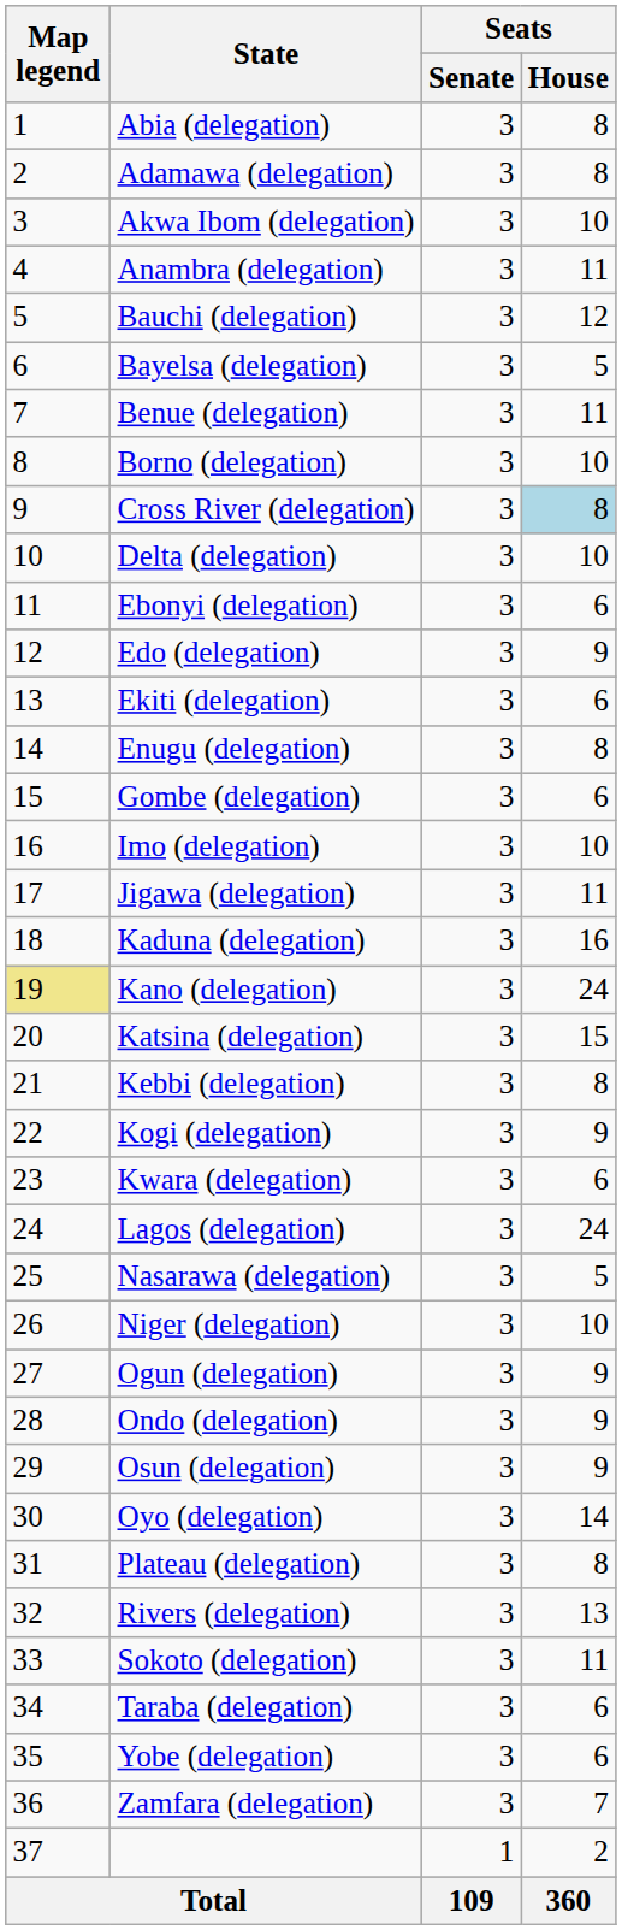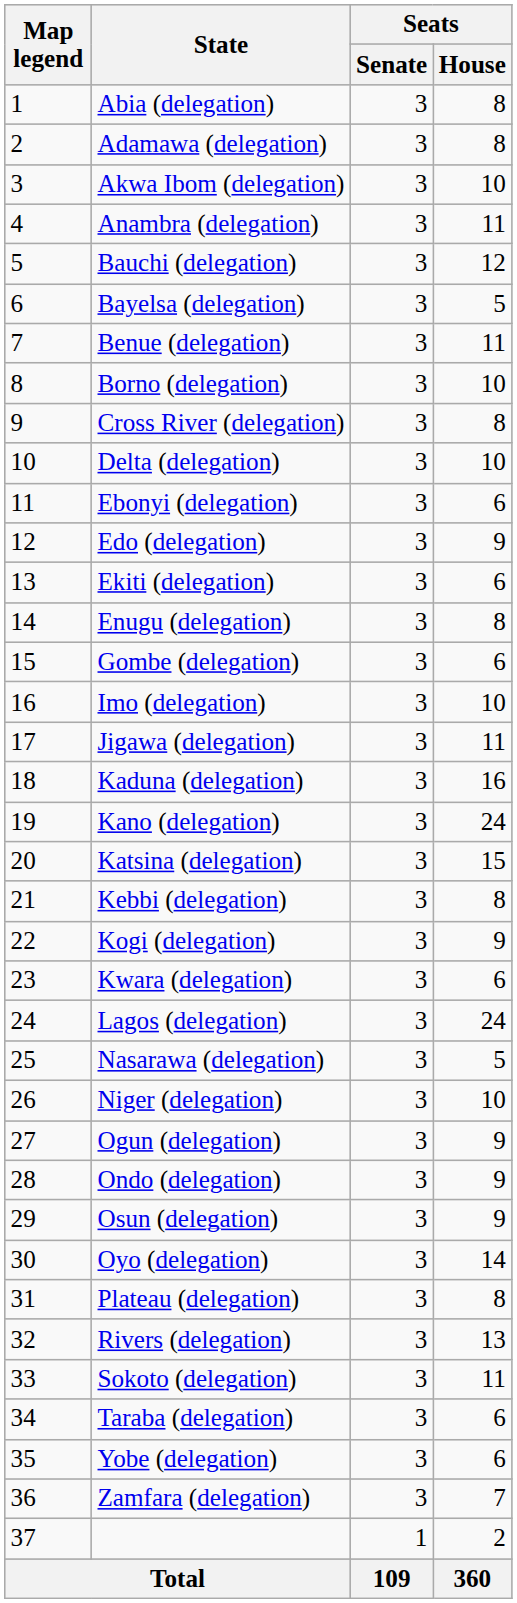 <table class="wikitable sortable">
 <tr>
 <th rowspan=2 style="max-width:3em;">Map legend</th>
 <th rowspan=2>State</th>
 <th colspan=2>Seats</th>
 </tr>
 <tr>
 <th style="max-width:6em;">Senate</th>
 <th style="max-width:6em;">House</th>
 </tr>
 <tr>
 <td>1</td>
 <td><a href='#'>Abia</a> (<a href='#'>delegation</a>)</td>
 <td style="text-align:right;">3</td>
 <td style="text-align:right;">8</td>
 </tr>
 <tr>
 <td>2</td>
 <td><a href='#'>Adamawa</a> (<a href='#'>delegation</a>)</td>
 <td style="text-align:right;">3</td>
 <td style="text-align:right;">8</td>
 </tr>
 <tr>
 <td>3</td>
 <td><a href='#'>Akwa Ibom</a> (<a href='#'>delegation</a>)</td>
 <td style="text-align:right;">3</td>
 <td style="text-align:right;">10</td>
 </tr>
 <tr>
 <td>4</td>
 <td><a href='#'>Anambra</a> (<a href='#'>delegation</a>)</td>
 <td style="text-align:right;">3</td>
 <td style="text-align:right;">11</td>
 </tr>
 <tr>
 <td>5</td>
 <td><a href='#'>Bauchi</a> (<a href='#'>delegation</a>)</td>
 <td style="text-align:right;">3</td>
 <td style="text-align:right;">12</td>
 </tr>
 <tr>
 <td>6</td>
 <td><a href='#'>Bayelsa</a> (<a href='#'>delegation</a>)</td>
 <td style="text-align:right;">3</td>
 <td style="text-align:right;">5</td>
 </tr>
 <tr>
 <td>7</td>
 <td><a href='#'>Benue</a> (<a href='#'>delegation</a>)</td>
 <td style="text-align:right;">3</td>
 <td style="text-align:right;">11</td>
 </tr>
 <tr>
 <td>8</td>
 <td><a href='#'>Borno</a> (<a href='#'>delegation</a>)</td>
 <td style="text-align:right;">3</td>
 <td style="text-align:right;">10</td>
 </tr>
 <tr>
 <td>9</td>
 <td><a href='#'>Cross River</a> (<a href='#'>delegation</a>)</td>
 <td style="text-align:right;">3</td>
-<td style="background: lightblue; text-align:right;">8</td>
+<td style="text-align:right;">8</td>
 </tr>
 <tr>
 <td>10</td>
 <td><a href='#'>Delta</a> (<a href='#'>delegation</a>)</td>
 <td style="text-align:right;">3</td>
 <td style="text-align:right;">10</td>
 </tr>
 <tr>
 <td>11</td>
 <td><a href='#'>Ebonyi</a> (<a href='#'>delegation</a>)</td>
 <td style="text-align:right;">3</td>
 <td style="text-align:right;">6</td>
 </tr>
 <tr>
 <td>12</td>
 <td><a href='#'>Edo</a> (<a href='#'>delegation</a>)</td>
 <td style="text-align:right;">3</td>
 <td style="text-align:right;">9</td>
 </tr>
 <tr>
 <td>13</td>
 <td><a href='#'>Ekiti</a> (<a href='#'>delegation</a>)</td>
 <td style="text-align:right;">3</td>
 <td style="text-align:right;">6</td>
 </tr>
 <tr>
 <td>14</td>
 <td><a href='#'>Enugu</a> (<a href='#'>delegation</a>)</td>
 <td style="text-align:right;">3</td>
 <td style="text-align:right;">8</td>
 </tr>
 <tr>
 <td>15</td>
 <td><a href='#'>Gombe</a> (<a href='#'>delegation</a>)</td>
 <td style="text-align:right;">3</td>
 <td style="text-align:right;">6</td>
 </tr>
 <tr>
 <td>16</td>
 <td><a href='#'>Imo</a> (<a href='#'>delegation</a>)</td>
 <td style="text-align:right;">3</td>
 <td style="text-align:right;">10</td>
 </tr>
 <tr>
 <td>17</td>
 <td><a href='#'>Jigawa</a> (<a href='#'>delegation</a>)</td>
 <td style="text-align:right;">3</td>
 <td style="text-align:right;">11</td>
 </tr>
 <tr>
 <td>18</td>
 <td><a href='#'>Kaduna</a> (<a href='#'>delegation</a>)</td>
 <td style="text-align:right;">3</td>
 <td style="text-align:right;">16</td>
 </tr>
 <tr>
-<td style="background: khaki;">19</td>
+<td>19</td>
 <td><a href='#'>Kano</a> (<a href='#'>delegation</a>)</td>
 <td style="text-align:right;">3</td>
 <td style="text-align:right;">24</td>
 </tr>
 <tr>
 <td>20</td>
 <td><a href='#'>Katsina</a> (<a href='#'>delegation</a>)</td>
 <td style="text-align:right;">3</td>
 <td style="text-align:right;">15</td>
 </tr>
 <tr>
 <td>21</td>
 <td><a href='#'>Kebbi</a> (<a href='#'>delegation</a>)</td>
 <td style="text-align:right;">3</td>
 <td style="text-align:right;">8</td>
 </tr>
 <tr>
 <td>22</td>
 <td><a href='#'>Kogi</a> (<a href='#'>delegation</a>)</td>
 <td style="text-align:right;">3</td>
 <td style="text-align:right;">9</td>
 </tr>
 <tr>
 <td>23</td>
 <td><a href='#'>Kwara</a> (<a href='#'>delegation</a>)</td>
 <td style="text-align:right;">3</td>
 <td style="text-align:right;">6</td>
 </tr>
 <tr>
 <td>24</td>
 <td><a href='#'>Lagos</a> (<a href='#'>delegation</a>)</td>
 <td style="text-align:right;">3</td>
 <td style="text-align:right;">24</td>
 </tr>
 <tr>
 <td>25</td>
 <td><a href='#'>Nasarawa</a> (<a href='#'>delegation</a>)</td>
 <td style="text-align:right;">3</td>
 <td style="text-align:right;">5</td>
 </tr>
 <tr>
 <td>26</td>
 <td><a href='#'>Niger</a> (<a href='#'>delegation</a>)</td>
 <td style="text-align:right;">3</td>
 <td style="text-align:right;">10</td>
 </tr>
 <tr>
 <td>27</td>
 <td><a href='#'>Ogun</a> (<a href='#'>delegation</a>)</td>
 <td style="text-align:right;">3</td>
 <td style="text-align:right;">9</td>
 </tr>
 <tr>
 <td>28</td>
 <td><a href='#'>Ondo</a> (<a href='#'>delegation</a>)</td>
 <td style="text-align:right;">3</td>
 <td style="text-align:right;">9</td>
 </tr>
 <tr>
 <td>29</td>
 <td><a href='#'>Osun</a> (<a href='#'>delegation</a>)</td>
 <td style="text-align:right;">3</td>
 <td style="text-align:right;">9</td>
 </tr>
 <tr>
 <td>30</td>
 <td><a href='#'>Oyo</a> (<a href='#'>delegation</a>)</td>
 <td style="text-align:right;">3</td>
 <td style="text-align:right;">14</td>
 </tr>
 <tr>
 <td>31</td>
 <td><a href='#'>Plateau</a> (<a href='#'>delegation</a>)</td>
 <td style="text-align:right;">3</td>
 <td style="text-align:right;">8</td>
 </tr>
 <tr>
 <td>32</td>
 <td><a href='#'>Rivers</a> (<a href='#'>delegation</a>)</td>
 <td style="text-align:right;">3</td>
 <td style="text-align:right;">13</td>
 </tr>
 <tr>
 <td>33</td>
 <td><a href='#'>Sokoto</a> (<a href='#'>delegation</a>)</td>
 <td style="text-align:right;">3</td>
 <td style="text-align:right;">11</td>
 </tr>
 <tr>
 <td>34</td>
 <td><a href='#'>Taraba</a> (<a href='#'>delegation</a>)</td>
 <td style="text-align:right;">3</td>
 <td style="text-align:right;">6</td>
 </tr>
 <tr>
 <td>35</td>
 <td><a href='#'>Yobe</a> (<a href='#'>delegation</a>)</td>
 <td style="text-align:right;">3</td>
 <td style="text-align:right;">6</td>
 </tr>
 <tr>
 <td>36</td>
 <td><a href='#'>Zamfara</a> (<a href='#'>delegation</a>)</td>
 <td style="text-align:right;">3</td>
 <td style="text-align:right;">7</td>
 </tr>
 <tr>
 <td>37</td>
 <td></td>
 <td style="text-align:right;">1</td>
 <td style="text-align:right;">2</td>
 </tr>
 <tr class="sortbottom">
 <th colspan=2>Total</th>
 <th>109</th>
 <th>360</th>
 </tr>
 </table>
